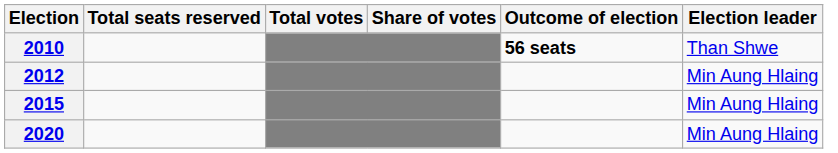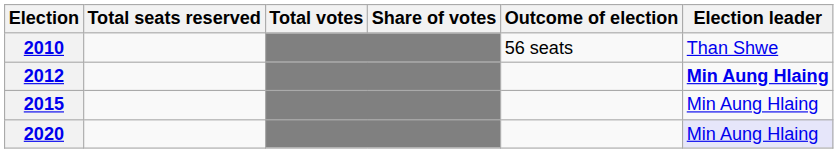 <table class="wikitable">
 <tr>
 <th>Election</th>
 <th>Total seats reserved</th>
 <th>Total votes</th>
 <th>Share of votes</th>
 <th>Outcome of election</th>
 <th>Election leader</th>
 </tr>
 <tr>
 <th><a href='#'>2010</a></th>
 <td></td>
 <td colspan="2" style="background:gray;"></td>
-<td><strong> 56 seats</strong></td>
+<td> 56 seats</td>
 <td><a href='#'>Than Shwe</a></td>
 </tr>
 <tr>
 <th><a href='#'> 2012</a></th>
 <td></td>
 <td colspan="2" style="background:gray;"></td>
 <td></td>
-<td><a href='#'>Min Aung Hlaing</a></td>
+<td><strong><a href='#'>Min Aung Hlaing</a></strong></td>
 </tr>
 <tr>
 <th><a href='#'>2015</a></th>
 <td></td>
 <td colspan="2" style="background:gray;"></td>
 <td></td>
 <td><a href='#'>Min Aung Hlaing</a></td>
 </tr>
 <tr>
 <th><a href='#'>2020</a></th>
 <td></td>
 <td colspan="2" style="background:gray;"></td>
 <td></td>
-<td><a href='#'>Min Aung Hlaing</a></td>
+<td style="background: lavender;"><a href='#'>Min Aung Hlaing</a></td>
 </tr>
 </table>
